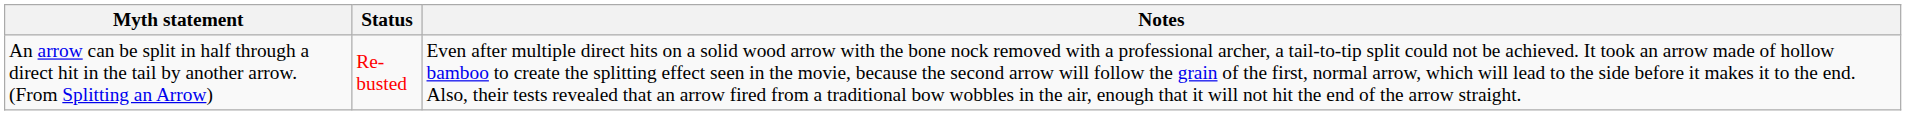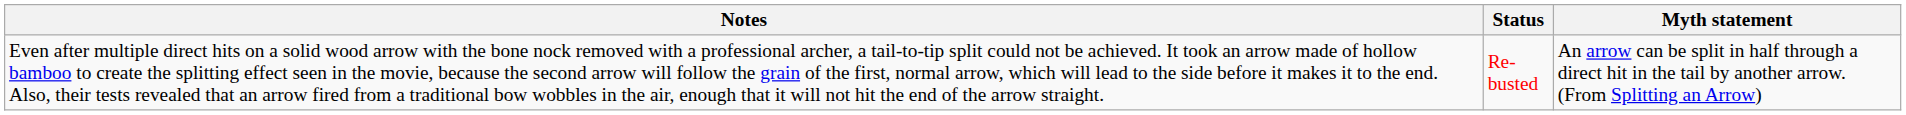 <table class="wikitable plainrowheaders">
 <tr>
+<th>Notes</th>
+<th>Status</th>
 <th>Myth statement</th>
-<th>Status</th>
-<th>Notes</th>
 </tr>
 <tr>
+<td>Even after multiple direct hits on a solid wood arrow with the bone nock removed with a professional archer, a tail-to-tip split could not be achieved. It took an arrow made of hollow <a href='#'>bamboo</a> to create the splitting effect seen in the movie, because the second arrow will follow the <a href='#'>grain</a> of the first, normal arrow, which will lead to the side before it makes it to the end. Also, their tests revealed that an arrow fired from a traditional bow wobbles in the air, enough that it will not hit the end of the arrow straight.</td>
+<td style="color:red">Re-busted</td>
 <td>An <a href='#'>arrow</a> can be split in half through a direct hit in the tail by another arrow. (From <a href='#'>Splitting an Arrow</a>)</td>
-<td style="color:red">Re-busted</td>
-<td>Even after multiple direct hits on a solid wood arrow with the bone nock removed with a professional archer, a tail-to-tip split could not be achieved. It took an arrow made of hollow <a href='#'>bamboo</a> to create the splitting effect seen in the movie, because the second arrow will follow the <a href='#'>grain</a> of the first, normal arrow, which will lead to the side before it makes it to the end. Also, their tests revealed that an arrow fired from a traditional bow wobbles in the air, enough that it will not hit the end of the arrow straight.</td>
 </tr>
 </table>
